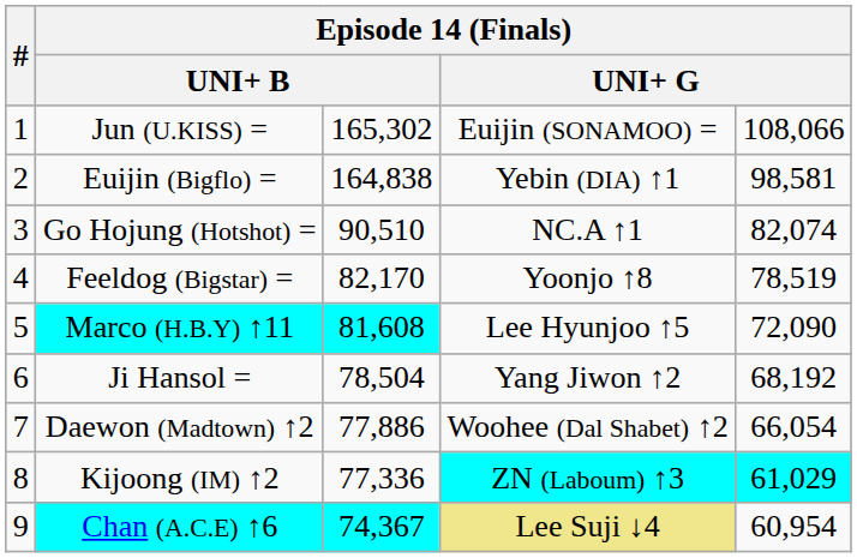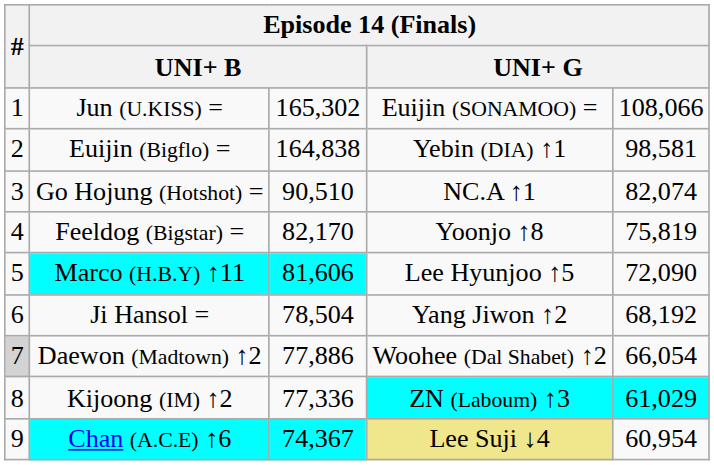 <table class="wikitable sortable" style="text-align:center;">
 <tr #>
 <th rowspan="2">#</th>
 <th colspan="6">Episode 14 (Finals)</th>
 </tr>
 <tr>
 <th colspan="2">UNI+ B</th>
 <th colspan="2">UNI+ G</th>
 </tr>
 <tr>
 <td>1</td>
 <td>Jun <small>(U.KISS)</small> =</td>
 <td>165,302</td>
 <td>Euijin <small>(SONAMOO)</small> =</td>
 <td>108,066</td>
 </tr>
 <tr>
 <td>2</td>
 <td>Euijin <small>(Bigflo)</small> =</td>
 <td>164,838</td>
 <td>Yebin <small>(DIA)</small> ↑1</td>
 <td>98,581</td>
 </tr>
 <tr>
 <td>3</td>
 <td>Go Hojung <small>(Hotshot)</small> =</td>
 <td>90,510</td>
 <td>NC.A ↑1</td>
 <td>82,074</td>
 </tr>
 <tr>
 <td>4</td>
 <td>Feeldog <small>(Bigstar)</small> =</td>
 <td>82,170</td>
 <td>Yoonjo ↑8</td>
-<td>78,519</td>
+<td>75,819</td>
 </tr>
 <tr>
 <td>5</td>
 <td style="background:aqua">Marco <small>(H.B.Y)</small> ↑11</td>
-<td style="background:aqua">81,608</td>
+<td style="background:aqua">81,606</td>
 <td>Lee Hyunjoo ↑5</td>
 <td>72,090</td>
 </tr>
 <tr>
 <td>6</td>
 <td>Ji Hansol =</td>
 <td>78,504</td>
 <td>Yang Jiwon ↑2</td>
 <td>68,192</td>
 </tr>
 <tr>
-<td>7</td>
+<td style="background: lightgrey;">7</td>
 <td>Daewon <small>(Madtown)</small> ↑2</td>
 <td>77,886</td>
 <td>Woohee <small>(Dal Shabet)</small> ↑2</td>
 <td>66,054</td>
 </tr>
 <tr>
 <td>8</td>
 <td>Kijoong <small>(IM)</small> ↑2</td>
 <td>77,336</td>
 <td style="background:aqua">ZN <small>(Laboum)</small> ↑3</td>
 <td style="background:aqua">61,029</td>
 </tr>
 <tr>
 <td>9</td>
 <td style="background:aqua"><a href='#'>Chan</a> <small>(A.C.E)</small> ↑6</td>
 <td style="background:aqua">74,367</td>
 <td style="background: khaki;">Lee Suji ↓4</td>
 <td>60,954</td>
 </tr>
 </table>
